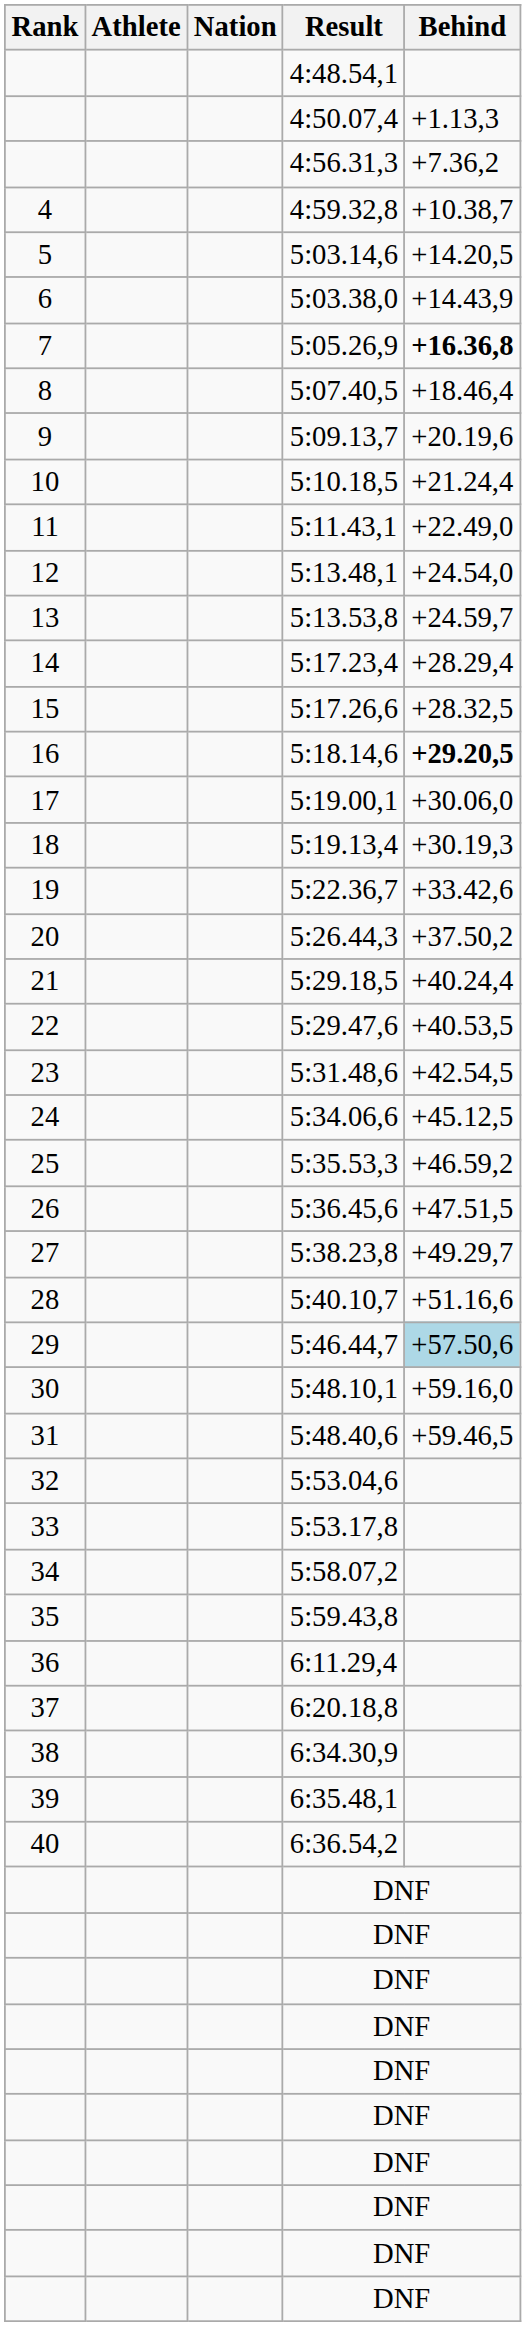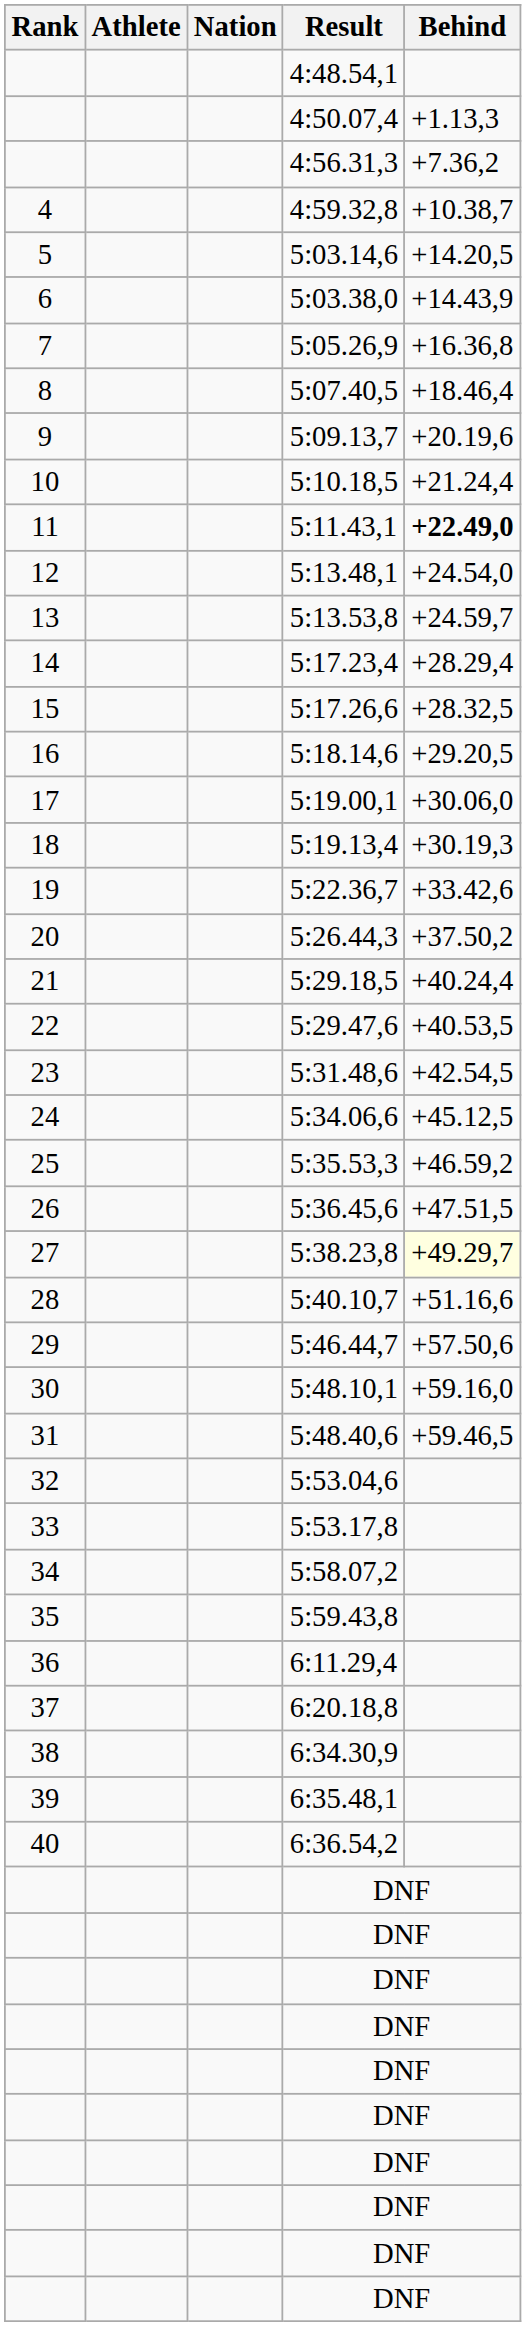 <table class="wikitable sortable">
 <tr>
 <th>Rank</th>
 <th>Athlete</th>
 <th>Nation</th>
 <th>Result</th>
 <th>Behind</th>
 </tr>
 <tr>
 <td align="center"></td>
 <td></td>
 <td></td>
 <td>4:48.54,1</td>
 <td></td>
 </tr>
 <tr>
 <td align="center"></td>
 <td></td>
 <td></td>
 <td>4:50.07,4</td>
 <td>+1.13,3</td>
 </tr>
 <tr>
 <td align="center"></td>
 <td></td>
 <td></td>
 <td>4:56.31,3</td>
 <td>+7.36,2</td>
 </tr>
 <tr>
 <td align="center">4</td>
 <td></td>
 <td></td>
 <td>4:59.32,8</td>
 <td>+10.38,7</td>
 </tr>
 <tr>
 <td align="center">5</td>
 <td></td>
 <td></td>
 <td>5:03.14,6</td>
 <td>+14.20,5</td>
 </tr>
 <tr>
 <td align="center">6</td>
 <td></td>
 <td></td>
 <td>5:03.38,0</td>
 <td>+14.43,9</td>
 </tr>
 <tr>
 <td align="center">7</td>
 <td></td>
 <td></td>
 <td>5:05.26,9</td>
-<td><strong>+16.36,8</strong></td>
+<td>+16.36,8</td>
 </tr>
 <tr>
 <td align="center">8</td>
 <td></td>
 <td></td>
 <td>5:07.40,5</td>
 <td>+18.46,4</td>
 </tr>
 <tr>
 <td align="center">9</td>
 <td></td>
 <td></td>
 <td>5:09.13,7</td>
 <td>+20.19,6</td>
 </tr>
 <tr>
 <td align="center">10</td>
 <td></td>
 <td></td>
 <td>5:10.18,5</td>
 <td>+21.24,4</td>
 </tr>
 <tr>
 <td align="center">11</td>
 <td></td>
 <td></td>
 <td>5:11.43,1</td>
-<td>+22.49,0</td>
+<td><strong>+22.49,0</strong></td>
 </tr>
 <tr>
 <td align="center">12</td>
 <td></td>
 <td></td>
 <td>5:13.48,1</td>
 <td>+24.54,0</td>
 </tr>
 <tr>
 <td align="center">13</td>
 <td></td>
 <td></td>
 <td>5:13.53,8</td>
 <td>+24.59,7</td>
 </tr>
 <tr>
 <td align="center">14</td>
 <td></td>
 <td></td>
 <td>5:17.23,4</td>
 <td>+28.29,4</td>
 </tr>
 <tr>
 <td align="center">15</td>
 <td></td>
 <td></td>
 <td>5:17.26,6</td>
 <td>+28.32,5</td>
 </tr>
 <tr>
 <td align="center">16</td>
 <td></td>
 <td></td>
 <td>5:18.14,6</td>
-<td><strong>+29.20,5</strong></td>
+<td>+29.20,5</td>
 </tr>
 <tr>
 <td align="center">17</td>
 <td></td>
 <td></td>
 <td>5:19.00,1</td>
 <td>+30.06,0</td>
 </tr>
 <tr>
 <td align="center">18</td>
 <td></td>
 <td></td>
 <td>5:19.13,4</td>
 <td>+30.19,3</td>
 </tr>
 <tr>
 <td align="center">19</td>
 <td></td>
 <td></td>
 <td>5:22.36,7</td>
 <td>+33.42,6</td>
 </tr>
 <tr>
 <td align="center">20</td>
 <td></td>
 <td></td>
 <td>5:26.44,3</td>
 <td>+37.50,2</td>
 </tr>
 <tr>
 <td align="center">21</td>
 <td></td>
 <td></td>
 <td>5:29.18,5</td>
 <td>+40.24,4</td>
 </tr>
 <tr>
 <td align="center">22</td>
 <td></td>
 <td></td>
 <td>5:29.47,6</td>
 <td>+40.53,5</td>
 </tr>
 <tr>
 <td align="center">23</td>
 <td></td>
 <td></td>
 <td>5:31.48,6</td>
 <td>+42.54,5</td>
 </tr>
 <tr>
 <td align="center">24</td>
 <td></td>
 <td></td>
 <td>5:34.06,6</td>
 <td>+45.12,5</td>
 </tr>
 <tr>
 <td align="center">25</td>
 <td></td>
 <td></td>
 <td>5:35.53,3</td>
 <td>+46.59,2</td>
 </tr>
 <tr>
 <td align="center">26</td>
 <td></td>
 <td></td>
 <td>5:36.45,6</td>
 <td>+47.51,5</td>
 </tr>
 <tr>
 <td align="center">27</td>
 <td></td>
 <td></td>
 <td>5:38.23,8</td>
-<td>+49.29,7</td>
+<td style="background: lightyellow;">+49.29,7</td>
 </tr>
 <tr>
 <td align="center">28</td>
 <td></td>
 <td></td>
 <td>5:40.10,7</td>
 <td>+51.16,6</td>
 </tr>
 <tr>
 <td align="center">29</td>
 <td></td>
 <td></td>
 <td>5:46.44,7</td>
-<td style="background: lightblue;">+57.50,6</td>
+<td>+57.50,6</td>
 </tr>
 <tr>
 <td align="center">30</td>
 <td></td>
 <td></td>
 <td>5:48.10,1</td>
 <td>+59.16,0</td>
 </tr>
 <tr>
 <td align="center">31</td>
 <td></td>
 <td></td>
 <td>5:48.40,6</td>
 <td>+59.46,5</td>
 </tr>
 <tr>
 <td align="center">32</td>
 <td></td>
 <td></td>
 <td>5:53.04,6</td>
 <td></td>
 </tr>
 <tr>
 <td align="center">33</td>
 <td></td>
 <td></td>
 <td>5:53.17,8</td>
 <td></td>
 </tr>
 <tr>
 <td align="center">34</td>
 <td></td>
 <td></td>
 <td>5:58.07,2</td>
 <td></td>
 </tr>
 <tr>
 <td align="center">35</td>
 <td></td>
 <td></td>
 <td>5:59.43,8</td>
 <td></td>
 </tr>
 <tr>
 <td align="center">36</td>
 <td></td>
 <td></td>
 <td>6:11.29,4</td>
 <td></td>
 </tr>
 <tr>
 <td align="center">37</td>
 <td></td>
 <td></td>
 <td>6:20.18,8</td>
 <td></td>
 </tr>
 <tr>
 <td align="center">38</td>
 <td></td>
 <td></td>
 <td>6:34.30,9</td>
 <td></td>
 </tr>
 <tr>
 <td align="center">39</td>
 <td></td>
 <td></td>
 <td>6:35.48,1</td>
 <td></td>
 </tr>
 <tr>
 <td align="center">40</td>
 <td></td>
 <td></td>
 <td>6:36.54,2</td>
 <td></td>
 </tr>
 <tr>
 <td></td>
 <td></td>
 <td></td>
 <td colspan="2" align="center">DNF</td>
 </tr>
 <tr>
 <td></td>
 <td></td>
 <td></td>
 <td colspan="2" align="center">DNF</td>
 </tr>
 <tr>
 <td></td>
 <td></td>
 <td></td>
 <td colspan="2" align="center">DNF</td>
 </tr>
 <tr>
 <td></td>
 <td></td>
 <td></td>
 <td colspan="2" align="center">DNF</td>
 </tr>
 <tr>
 <td></td>
 <td></td>
 <td></td>
 <td colspan="2" align="center">DNF</td>
 </tr>
 <tr>
 <td></td>
 <td></td>
 <td></td>
 <td colspan="2" align="center">DNF</td>
 </tr>
 <tr>
 <td></td>
 <td></td>
 <td></td>
 <td colspan="2" align="center">DNF</td>
 </tr>
 <tr>
 <td></td>
 <td></td>
 <td></td>
 <td colspan="2" align="center">DNF</td>
 </tr>
 <tr>
 <td></td>
 <td></td>
 <td></td>
 <td colspan="2" align="center">DNF</td>
 </tr>
 <tr>
 <td></td>
 <td></td>
 <td></td>
 <td colspan="2" align="center">DNF</td>
 </tr>
 </table>
